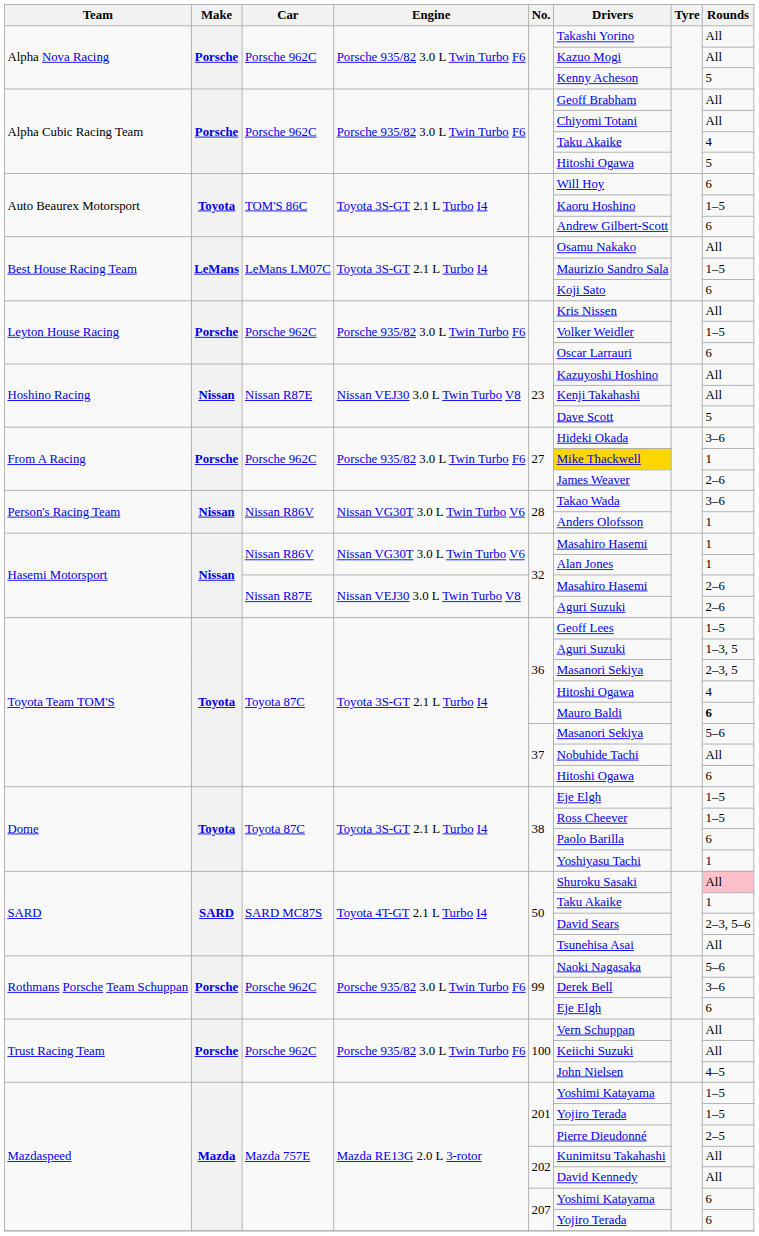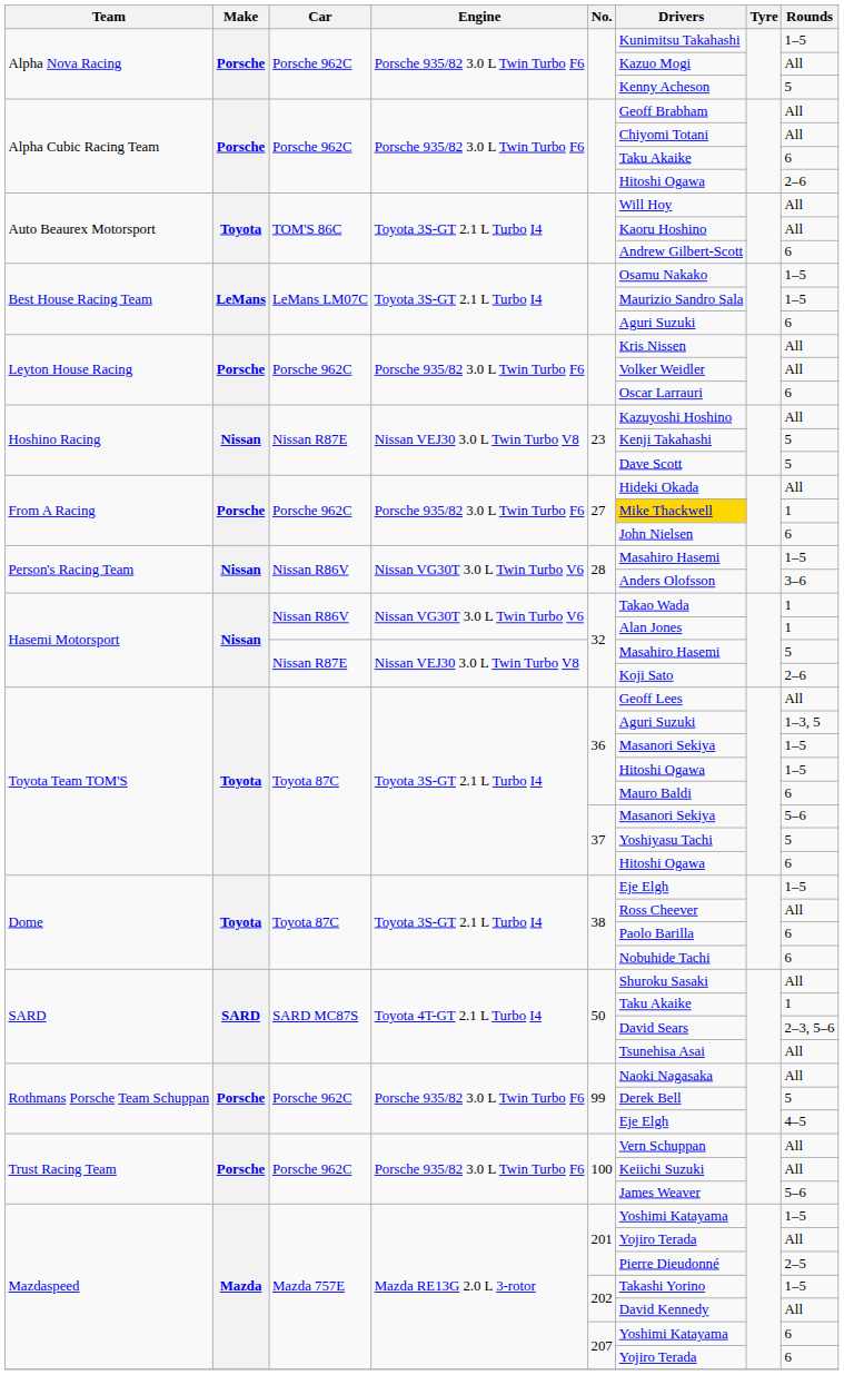 <table class="wikitable" style="font-size: 90%;">
 <tr>
 <th>Team</th>
 <th>Make</th>
 <th>Car</th>
 <th>Engine</th>
 <th>No.</th>
 <th>Drivers</th>
 <th>Tyre</th>
 <th>Rounds</th>
 </tr>
 <tr>
 <td rowspan=3>Alpha <a href='#'>Nova Racing</a></td>
 <th rowspan=3><a href='#'>Porsche</a></th>
 <td rowspan=3><a href='#'>Porsche 962C</a></td>
 <td rowspan=3><a href='#'>Porsche 935/82</a> 3.0 L <a href='#'>Twin Turbo</a> <a href='#'>F6</a></td>
 <td rowspan=3></td>
-<td> <a href='#'>Takashi Yorino</a></td>
+<td> <a href='#'>Kunimitsu Takahashi</a></td>
 <td align=center rowspan=3></td>
-<td>All</td>
+<td>1–5</td>
 </tr>
 <tr>
 <td> <a href='#'>Kazuo Mogi</a></td>
 <td>All</td>
 </tr>
 <tr>
 <td> <a href='#'>Kenny Acheson</a></td>
 <td>5</td>
 </tr>
 <tr>
 <td rowspan=4>Alpha Cubic Racing Team</td>
 <th rowspan=4><a href='#'>Porsche</a></th>
 <td rowspan=4><a href='#'>Porsche 962C</a></td>
 <td rowspan=4><a href='#'>Porsche 935/82</a> 3.0 L <a href='#'>Twin Turbo</a> <a href='#'>F6</a></td>
 <td rowspan=4></td>
 <td> <a href='#'>Geoff Brabham</a></td>
 <td align=center rowspan=4></td>
 <td>All</td>
 </tr>
 <tr>
 <td> <a href='#'>Chiyomi Totani</a></td>
 <td>All</td>
 </tr>
 <tr>
 <td> <a href='#'>Taku Akaike</a></td>
-<td>4</td>
+<td>6</td>
 </tr>
 <tr>
 <td> <a href='#'>Hitoshi Ogawa</a></td>
-<td>5</td>
+<td>2–6</td>
 </tr>
 <tr>
 <td rowspan=3>Auto Beaurex Motorsport</td>
 <th rowspan=3><a href='#'>Toyota</a></th>
 <td rowspan=3><a href='#'>TOM'S 86C</a></td>
 <td rowspan=3><a href='#'>Toyota 3S-GT</a> 2.1 L <a href='#'>Turbo</a> <a href='#'>I4</a></td>
 <td rowspan=3></td>
 <td> <a href='#'>Will Hoy</a></td>
 <td align=center rowspan=3></td>
-<td>6</td>
+<td>All</td>
 </tr>
 <tr>
 <td> <a href='#'>Kaoru Hoshino</a></td>
-<td>1–5</td>
+<td>All</td>
 </tr>
 <tr>
 <td> <a href='#'>Andrew Gilbert-Scott</a></td>
 <td>6</td>
 </tr>
 <tr>
 <td rowspan=3><a href='#'>Best House Racing Team</a></td>
 <th rowspan=3><a href='#'>LeMans</a></th>
 <td rowspan=3><a href='#'>LeMans LM07C</a></td>
 <td rowspan=3><a href='#'>Toyota 3S-GT</a> 2.1 L <a href='#'>Turbo</a> <a href='#'>I4</a></td>
 <td rowspan=3></td>
 <td> <a href='#'>Osamu Nakako</a></td>
 <td align=center rowspan=3></td>
-<td>All</td>
+<td>1–5</td>
 </tr>
 <tr>
 <td> <a href='#'>Maurizio Sandro Sala</a></td>
 <td>1–5</td>
 </tr>
 <tr>
-<td> <a href='#'>Koji Sato</a></td>
+<td> <a href='#'>Aguri Suzuki</a></td>
 <td>6</td>
 </tr>
 <tr>
 <td rowspan=3><a href='#'>Leyton House Racing</a></td>
 <th rowspan=3><a href='#'>Porsche</a></th>
 <td rowspan=3><a href='#'>Porsche 962C</a></td>
 <td rowspan=3><a href='#'>Porsche 935/82</a> 3.0 L <a href='#'>Twin Turbo</a> <a href='#'>F6</a></td>
 <td rowspan=3></td>
 <td> <a href='#'>Kris Nissen</a></td>
 <td align=center rowspan=3></td>
 <td>All</td>
 </tr>
 <tr>
 <td> <a href='#'>Volker Weidler</a></td>
-<td>1–5</td>
+<td>All</td>
 </tr>
 <tr>
 <td> <a href='#'>Oscar Larrauri</a></td>
 <td>6</td>
 </tr>
 <tr>
 <td rowspan=3><a href='#'>Hoshino Racing</a></td>
 <th rowspan=3><a href='#'>Nissan</a></th>
 <td rowspan=3><a href='#'>Nissan R87E</a></td>
 <td rowspan=3><a href='#'>Nissan VEJ30</a> 3.0 L <a href='#'>Twin Turbo</a> <a href='#'>V8</a></td>
 <td rowspan=3>23</td>
 <td> <a href='#'>Kazuyoshi Hoshino</a></td>
 <td align=center rowspan=3></td>
 <td>All</td>
 </tr>
 <tr>
 <td> <a href='#'>Kenji Takahashi</a></td>
-<td>All</td>
+<td>5</td>
 </tr>
 <tr>
 <td> <a href='#'>Dave Scott</a></td>
 <td>5</td>
 </tr>
 <tr>
 <td rowspan=3><a href='#'>From A Racing</a></td>
 <th rowspan=3><a href='#'>Porsche</a></th>
 <td rowspan=3><a href='#'>Porsche 962C</a></td>
 <td rowspan=3><a href='#'>Porsche 935/82</a> 3.0 L <a href='#'>Twin Turbo</a> <a href='#'>F6</a></td>
 <td rowspan=3>27</td>
 <td> <a href='#'>Hideki Okada</a></td>
 <td align=center rowspan=3></td>
-<td>3–6</td>
+<td>All</td>
 </tr>
 <tr>
 <td style="background: gold;"> <a href='#'>Mike Thackwell</a></td>
 <td>1</td>
 </tr>
 <tr>
-<td> <a href='#'>James Weaver</a></td>
-<td>2–6</td>
+<td> <a href='#'>John Nielsen</a></td>
+<td>6</td>
 </tr>
 <tr>
 <td rowspan=2><a href='#'>Person's Racing Team</a></td>
 <th rowspan=2><a href='#'>Nissan</a></th>
 <td rowspan=2><a href='#'>Nissan R86V</a></td>
 <td rowspan=2><a href='#'>Nissan VG30T</a> 3.0 L <a href='#'>Twin Turbo</a> <a href='#'>V6</a></td>
 <td rowspan=2>28</td>
-<td> <a href='#'>Takao Wada</a></td>
+<td> <a href='#'>Masahiro Hasemi</a></td>
 <td align=center rowspan=2></td>
-<td>3–6</td>
+<td>1–5</td>
 </tr>
 <tr>
 <td> <a href='#'>Anders Olofsson</a></td>
-<td>1</td>
+<td>3–6</td>
 </tr>
 <tr>
 <td rowspan=4><a href='#'>Hasemi Motorsport</a></td>
 <th rowspan=4><a href='#'>Nissan</a></th>
 <td rowspan=2><a href='#'>Nissan R86V</a></td>
 <td rowspan=2><a href='#'>Nissan VG30T</a> 3.0 L <a href='#'>Twin Turbo</a> <a href='#'>V6</a></td>
 <td rowspan=4>32</td>
-<td> <a href='#'>Masahiro Hasemi</a></td>
+<td> <a href='#'>Takao Wada</a></td>
 <td align=center rowspan=4></td>
 <td>1</td>
 </tr>
 <tr>
 <td> <a href='#'>Alan Jones</a></td>
 <td>1</td>
 </tr>
 <tr>
 <td rowspan=2><a href='#'>Nissan R87E</a></td>
 <td rowspan=2><a href='#'>Nissan VEJ30</a> 3.0 L <a href='#'>Twin Turbo</a> <a href='#'>V8</a></td>
 <td> <a href='#'>Masahiro Hasemi</a></td>
-<td>2–6</td>
+<td>5</td>
 </tr>
 <tr>
-<td> <a href='#'>Aguri Suzuki</a></td>
+<td> <a href='#'>Koji Sato</a></td>
 <td>2–6</td>
 </tr>
 <tr>
 <td rowspan=8><a href='#'>Toyota Team TOM'S</a></td>
 <th rowspan=8><a href='#'>Toyota</a></th>
 <td rowspan=8><a href='#'>Toyota 87C</a></td>
 <td rowspan=8><a href='#'>Toyota 3S-GT</a> 2.1 L <a href='#'>Turbo</a> <a href='#'>I4</a></td>
 <td rowspan=5>36</td>
 <td> <a href='#'>Geoff Lees</a></td>
 <td align=center rowspan=8></td>
-<td>1–5</td>
+<td>All</td>
 </tr>
 <tr>
 <td> <a href='#'>Aguri Suzuki</a></td>
 <td>1–3, 5</td>
 </tr>
 <tr>
 <td> <a href='#'>Masanori Sekiya</a></td>
-<td>2–3, 5</td>
+<td>1–5</td>
 </tr>
 <tr>
 <td> <a href='#'>Hitoshi Ogawa</a></td>
-<td>4</td>
+<td>1–5</td>
 </tr>
 <tr>
 <td> <a href='#'>Mauro Baldi</a></td>
-<td><strong>6</strong></td>
+<td>6</td>
 </tr>
 <tr>
 <td rowspan=3>37</td>
 <td> <a href='#'>Masanori Sekiya</a></td>
 <td>5–6</td>
 </tr>
 <tr>
-<td> <a href='#'>Nobuhide Tachi</a></td>
-<td>All</td>
+<td> <a href='#'>Yoshiyasu Tachi</a></td>
+<td>5</td>
 </tr>
 <tr>
 <td> <a href='#'>Hitoshi Ogawa</a></td>
 <td>6</td>
 </tr>
 <tr>
 <td rowspan=4><a href='#'>Dome</a></td>
 <th rowspan=4><a href='#'>Toyota</a></th>
 <td rowspan=4><a href='#'>Toyota 87C</a></td>
 <td rowspan=4><a href='#'>Toyota 3S-GT</a> 2.1 L <a href='#'>Turbo</a> <a href='#'>I4</a></td>
 <td rowspan=4>38</td>
 <td> <a href='#'>Eje Elgh</a></td>
 <td align=center rowspan=4></td>
 <td>1–5</td>
 </tr>
 <tr>
 <td> <a href='#'>Ross Cheever</a></td>
-<td>1–5</td>
+<td>All</td>
 </tr>
 <tr>
 <td> <a href='#'>Paolo Barilla</a></td>
 <td>6</td>
 </tr>
 <tr>
-<td> <a href='#'>Yoshiyasu Tachi</a></td>
-<td>1</td>
+<td> <a href='#'>Nobuhide Tachi</a></td>
+<td>6</td>
 </tr>
 <tr>
 <td rowspan=4><a href='#'>SARD</a></td>
 <th rowspan=4><a href='#'>SARD</a></th>
 <td rowspan=4><a href='#'>SARD MC87S</a></td>
 <td rowspan=4><a href='#'>Toyota 4T-GT</a> 2.1 L <a href='#'>Turbo</a> <a href='#'>I4</a></td>
 <td rowspan=4>50</td>
 <td> <a href='#'>Shuroku Sasaki</a></td>
 <td align=center rowspan=4></td>
-<td style="background: pink;">All</td>
+<td>All</td>
 </tr>
 <tr>
 <td> <a href='#'>Taku Akaike</a></td>
 <td>1</td>
 </tr>
 <tr>
 <td> <a href='#'>David Sears</a></td>
 <td>2–3, 5–6</td>
 </tr>
 <tr>
 <td> <a href='#'>Tsunehisa Asai</a></td>
 <td>All</td>
 </tr>
 <tr>
 <td rowspan=3><a href='#'>Rothmans</a> <a href='#'>Porsche</a> <a href='#'>Team Schuppan</a></td>
 <th rowspan=3><a href='#'>Porsche</a></th>
 <td rowspan=3><a href='#'>Porsche 962C</a></td>
 <td rowspan=3><a href='#'>Porsche 935/82</a> 3.0 L <a href='#'>Twin Turbo</a> <a href='#'>F6</a></td>
 <td rowspan=3>99</td>
 <td> <a href='#'>Naoki Nagasaka</a></td>
 <td align=center rowspan=3></td>
-<td>5–6</td>
+<td>All</td>
 </tr>
 <tr>
 <td> <a href='#'>Derek Bell</a></td>
-<td>3–6</td>
+<td>5</td>
 </tr>
 <tr>
 <td> <a href='#'>Eje Elgh</a></td>
-<td>6</td>
+<td>4–5</td>
 </tr>
 <tr>
 <td rowspan=3><a href='#'>Trust Racing Team</a></td>
 <th rowspan=3><a href='#'>Porsche</a></th>
 <td rowspan=3><a href='#'>Porsche 962C</a></td>
 <td rowspan=3><a href='#'>Porsche 935/82</a> 3.0 L <a href='#'>Twin Turbo</a> <a href='#'>F6</a></td>
 <td rowspan=3>100</td>
 <td> <a href='#'>Vern Schuppan</a></td>
 <td align=center rowspan=3></td>
 <td>All</td>
 </tr>
 <tr>
 <td> <a href='#'>Keiichi Suzuki</a></td>
 <td>All</td>
 </tr>
 <tr>
-<td> <a href='#'>John Nielsen</a></td>
-<td>4–5</td>
+<td> <a href='#'>James Weaver</a></td>
+<td>5–6</td>
 </tr>
 <tr>
 <td rowspan=7><a href='#'>Mazdaspeed</a></td>
 <th rowspan=7><a href='#'>Mazda</a></th>
 <td rowspan=7><a href='#'>Mazda 757E</a></td>
 <td rowspan=7><a href='#'>Mazda RE13G</a> 2.0 L <a href='#'>3-rotor</a></td>
 <td rowspan=3>201</td>
 <td> <a href='#'>Yoshimi Katayama</a></td>
 <td align=center rowspan=7></td>
 <td>1–5</td>
 </tr>
 <tr>
 <td> <a href='#'>Yojiro Terada</a></td>
-<td>1–5</td>
+<td>All</td>
 </tr>
 <tr>
 <td> <a href='#'>Pierre Dieudonné</a></td>
 <td>2–5</td>
 </tr>
 <tr>
 <td rowspan=2>202</td>
-<td> <a href='#'>Kunimitsu Takahashi</a></td>
-<td>All</td>
+<td> <a href='#'>Takashi Yorino</a></td>
+<td>1–5</td>
 </tr>
 <tr>
 <td> <a href='#'>David Kennedy</a></td>
 <td>All</td>
 </tr>
 <tr>
 <td rowspan=2>207</td>
 <td> <a href='#'>Yoshimi Katayama</a></td>
 <td>6</td>
 </tr>
 <tr>
 <td> <a href='#'>Yojiro Terada</a></td>
 <td>6</td>
 </tr>
 <tr>
 </tr>
 </table>
